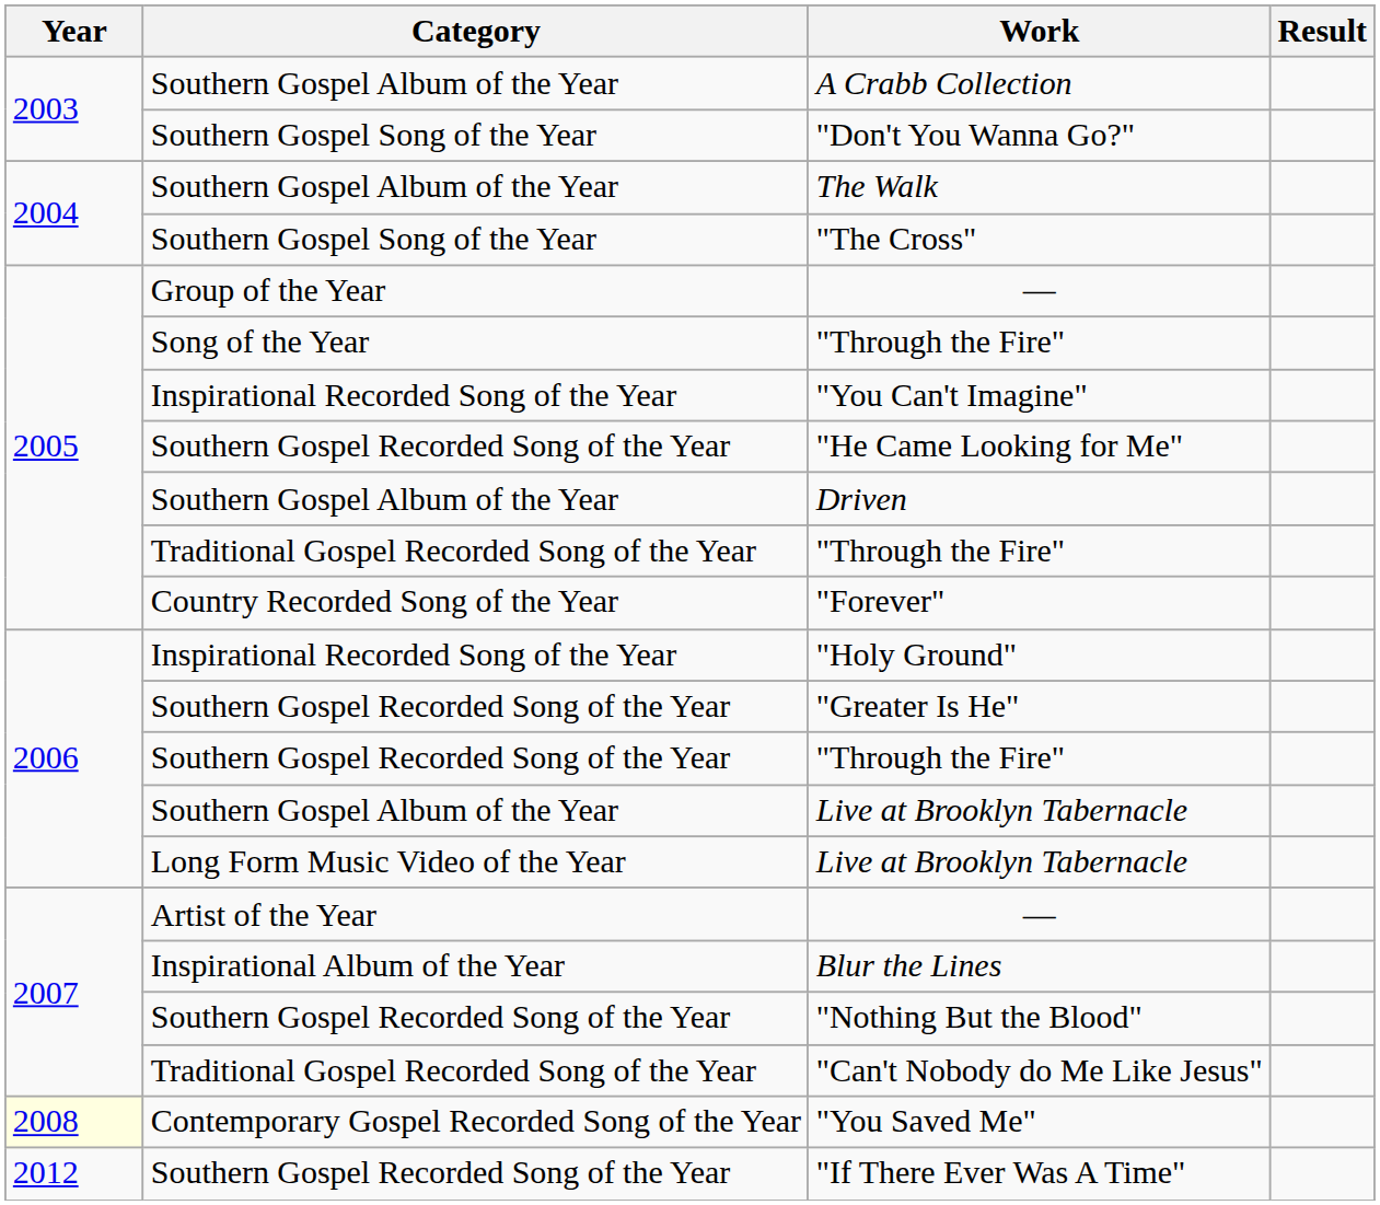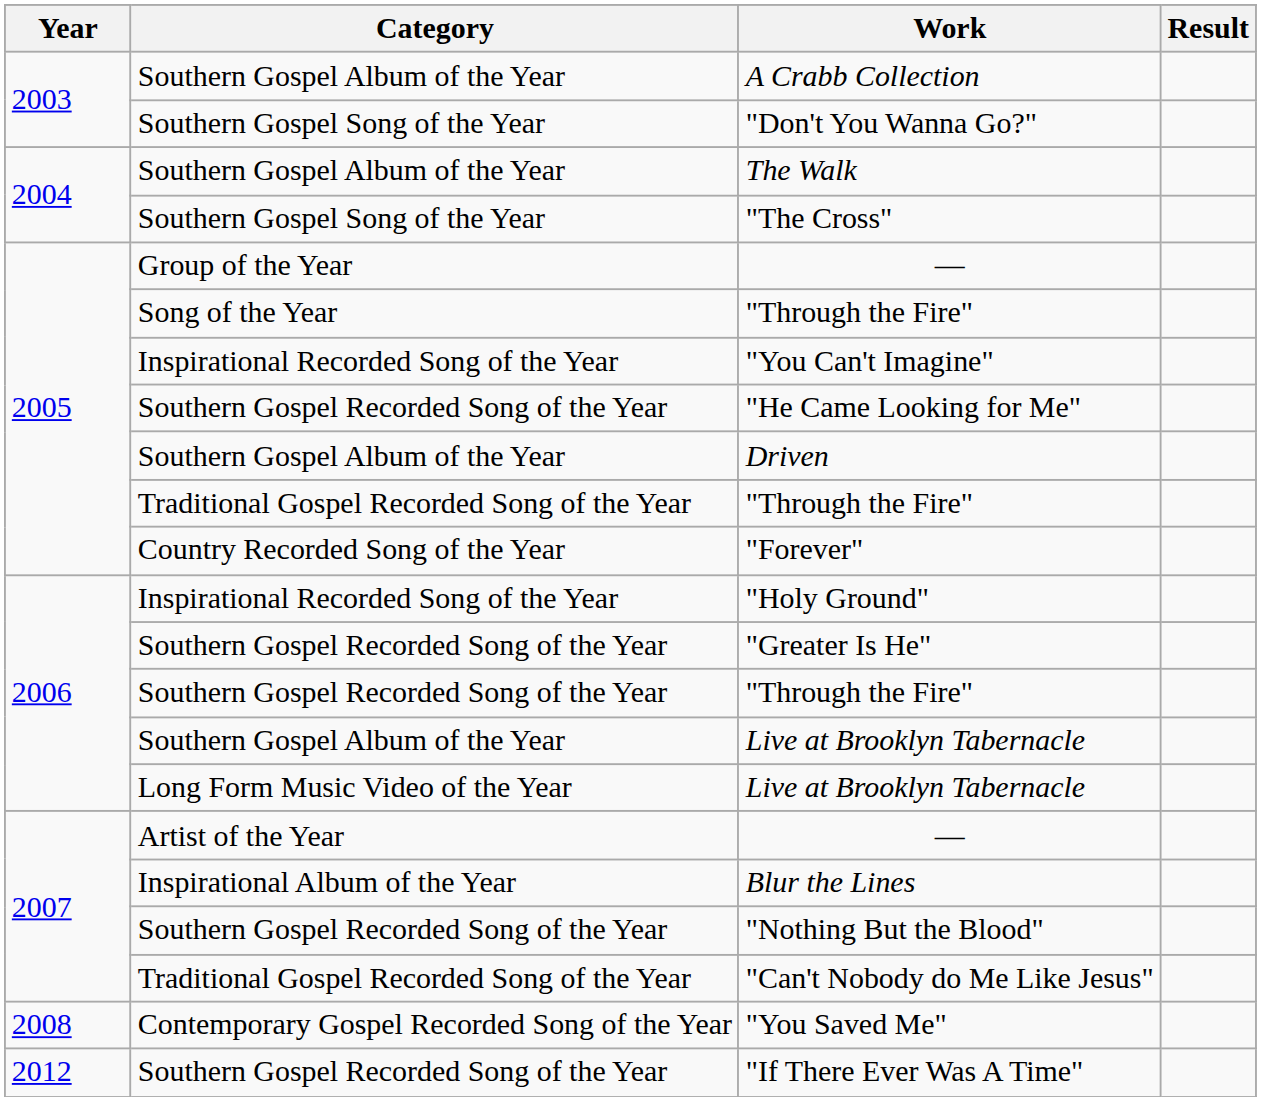 <table class="wikitable">
 <tr>
 <th style="width:60px;">Year</th>
 <th>Category</th>
 <th>Work</th>
 <th>Result</th>
 </tr>
 <tr>
 <td rowspan="2"><a href='#'>2003</a></td>
 <td>Southern Gospel Album of the Year</td>
 <td><em>A Crabb Collection</em></td>
 <td></td>
 </tr>
 <tr>
 <td>Southern Gospel Song of the Year</td>
 <td>"Don't You Wanna Go?"</td>
 <td></td>
 </tr>
 <tr>
 <td rowspan="2"><a href='#'>2004</a></td>
 <td>Southern Gospel Album of the Year</td>
 <td><em>The Walk</em></td>
 <td></td>
 </tr>
 <tr>
 <td>Southern Gospel Song of the Year</td>
 <td>"The Cross"</td>
 <td></td>
 </tr>
 <tr>
 <td rowspan="7"><a href='#'>2005</a></td>
 <td>Group of the Year</td>
 <td style="text-align:center;">—</td>
 <td></td>
 </tr>
 <tr>
 <td>Song of the Year</td>
 <td>"Through the Fire"</td>
 <td></td>
 </tr>
 <tr>
 <td>Inspirational Recorded Song of the Year</td>
 <td>"You Can't Imagine"</td>
 <td></td>
 </tr>
 <tr>
 <td>Southern Gospel Recorded Song of the Year</td>
 <td>"He Came Looking for Me"</td>
 <td></td>
 </tr>
 <tr>
 <td>Southern Gospel Album of the Year</td>
 <td><em>Driven</em></td>
 <td></td>
 </tr>
 <tr>
 <td>Traditional Gospel Recorded Song of the Year</td>
 <td>"Through the Fire"</td>
 <td></td>
 </tr>
 <tr>
 <td>Country Recorded Song of the Year</td>
 <td>"Forever"</td>
 <td></td>
 </tr>
 <tr>
 <td rowspan="5"><a href='#'>2006</a></td>
 <td>Inspirational Recorded Song of the Year</td>
 <td>"Holy Ground"</td>
 <td></td>
 </tr>
 <tr>
 <td>Southern Gospel Recorded Song of the Year</td>
 <td>"Greater Is He"</td>
 <td></td>
 </tr>
 <tr>
 <td>Southern Gospel Recorded Song of the Year</td>
 <td>"Through the Fire"</td>
 <td></td>
 </tr>
 <tr>
 <td>Southern Gospel Album of the Year</td>
 <td><em>Live at Brooklyn Tabernacle</em></td>
 <td></td>
 </tr>
 <tr>
 <td>Long Form Music Video of the Year</td>
 <td><em>Live at Brooklyn Tabernacle</em></td>
 <td></td>
 </tr>
 <tr>
 <td rowspan="4"><a href='#'>2007</a></td>
 <td>Artist of the Year</td>
 <td style="text-align:center;">—</td>
 <td></td>
 </tr>
 <tr>
 <td>Inspirational Album of the Year</td>
 <td><em>Blur the Lines</em></td>
 <td></td>
 </tr>
 <tr>
 <td>Southern Gospel Recorded Song of the Year</td>
 <td>"Nothing But the Blood"</td>
 <td></td>
 </tr>
 <tr>
 <td>Traditional Gospel Recorded Song of the Year</td>
 <td>"Can't Nobody do Me Like Jesus"</td>
 <td></td>
 </tr>
 <tr>
-<td style="background: lightyellow;"><a href='#'>2008</a></td>
+<td><a href='#'>2008</a></td>
 <td>Contemporary Gospel Recorded Song of the Year</td>
 <td>"You Saved Me"</td>
 <td></td>
 </tr>
 <tr>
 <td><a href='#'>2012</a></td>
 <td>Southern Gospel Recorded Song of the Year</td>
 <td>"If There Ever Was A Time"</td>
 <td></td>
 </tr>
 </table>
